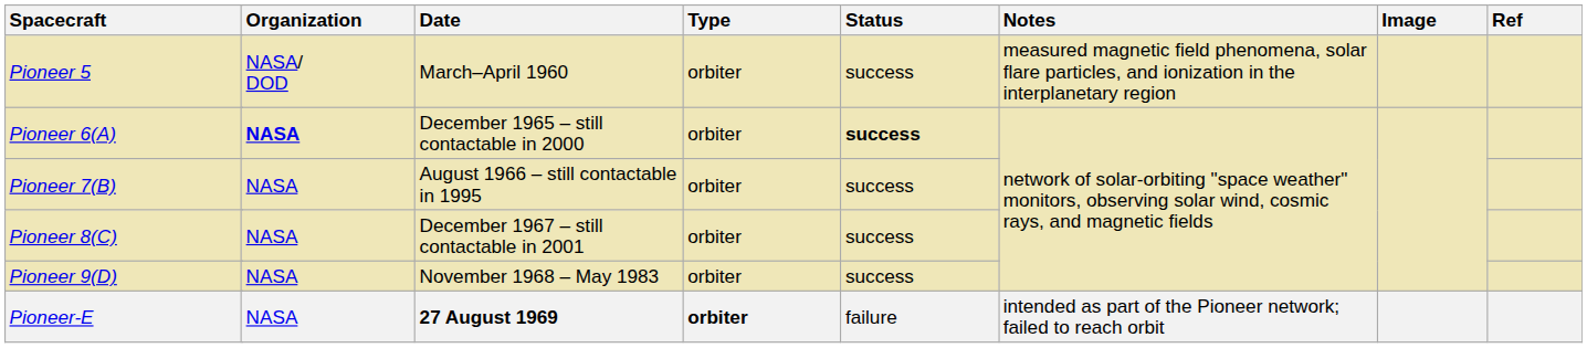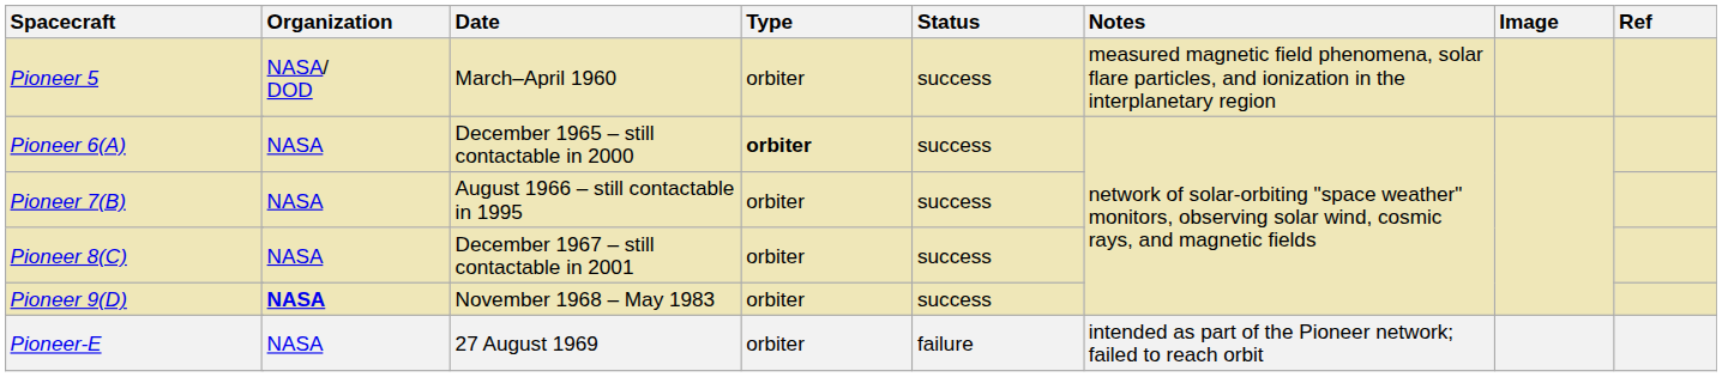 <table class="wikitable" style="width:100%; font-size:95%;">
 <tr>
 <th colspan="2"  style="text-align:left; width:15%;">Spacecraft</th>
 <th style="text-align:left; width:11%;">Organization</th>
 <th style="text-align:left; width:17%;">Date</th>
 <th style="text-align:left; width:10%;">Type</th>
 <th style="text-align:left; width:10%;">Status</th>
 <th style="text-align:left; width:24%;">Notes</th>
 <th style="text-align:left; width:7%;">Image</th>
 <th style="text-align:left; width:6%;">Ref</th>
 </tr>
 <tr style="background:#EFE7B8">
 <td colspan="2"><em><a href='#'>Pioneer 5</a></em></td>
 <td> <a href='#'>NASA</a>/<br> <a href='#'>DOD</a></td>
 <td>March–April 1960</td>
 <td>orbiter</td>
 <td>success</td>
 <td>measured magnetic field phenomena, solar flare particles, and ionization in the interplanetary region</td>
 <td></td>
 <td></td>
 </tr>
 <tr style="background:#EFE7B8">
 <td colspan="2"><em><a href='#'>Pioneer 6(A)</a></em></td>
-<td><strong> <a href='#'>NASA</a></strong></td>
+<td> <a href='#'>NASA</a></td>
 <td>December 1965 – still contactable in 2000</td>
-<td>orbiter</td>
-<td><strong>success</strong></td>
+<td><strong>orbiter</strong></td>
+<td>success</td>
 <td rowspan="4">network of solar-orbiting "space weather" monitors, observing solar wind, cosmic rays, and magnetic fields</td>
 <td rowspan="4"></td>
 <td></td>
 </tr>
 <tr style="background:#EFE7B8">
 <td colspan="2"><em><a href='#'>Pioneer 7(B)</a></em></td>
 <td> <a href='#'>NASA</a></td>
 <td>August 1966 – still contactable in 1995</td>
 <td>orbiter</td>
 <td>success</td>
 <td></td>
 </tr>
 <tr style="background:#EFE7B8">
 <td colspan="2"><em><a href='#'>Pioneer 8(C)</a></em></td>
 <td> <a href='#'>NASA</a></td>
 <td>December 1967 – still contactable in 2001</td>
 <td>orbiter</td>
 <td>success</td>
 <td></td>
 </tr>
 <tr style="background:#EFE7B8">
 <td colspan="2"><em><a href='#'>Pioneer 9(D)</a></em></td>
-<td> <a href='#'>NASA</a></td>
+<td><strong> <a href='#'>NASA</a></strong></td>
 <td>November 1968 – May 1983</td>
 <td>orbiter</td>
 <td>success</td>
 <td></td>
 </tr>
 <tr style="background:#F2F2F2">
 <td colspan="2"><em><a href='#'>Pioneer-E</a></em></td>
 <td> <a href='#'>NASA</a></td>
-<td><strong>27 August 1969</strong></td>
-<td><strong>orbiter</strong></td>
+<td>27 August 1969</td>
+<td>orbiter</td>
 <td>failure</td>
 <td>intended as part of the Pioneer  network; failed to reach orbit</td>
 <td></td>
 <td></td>
 </tr>
 </table>
